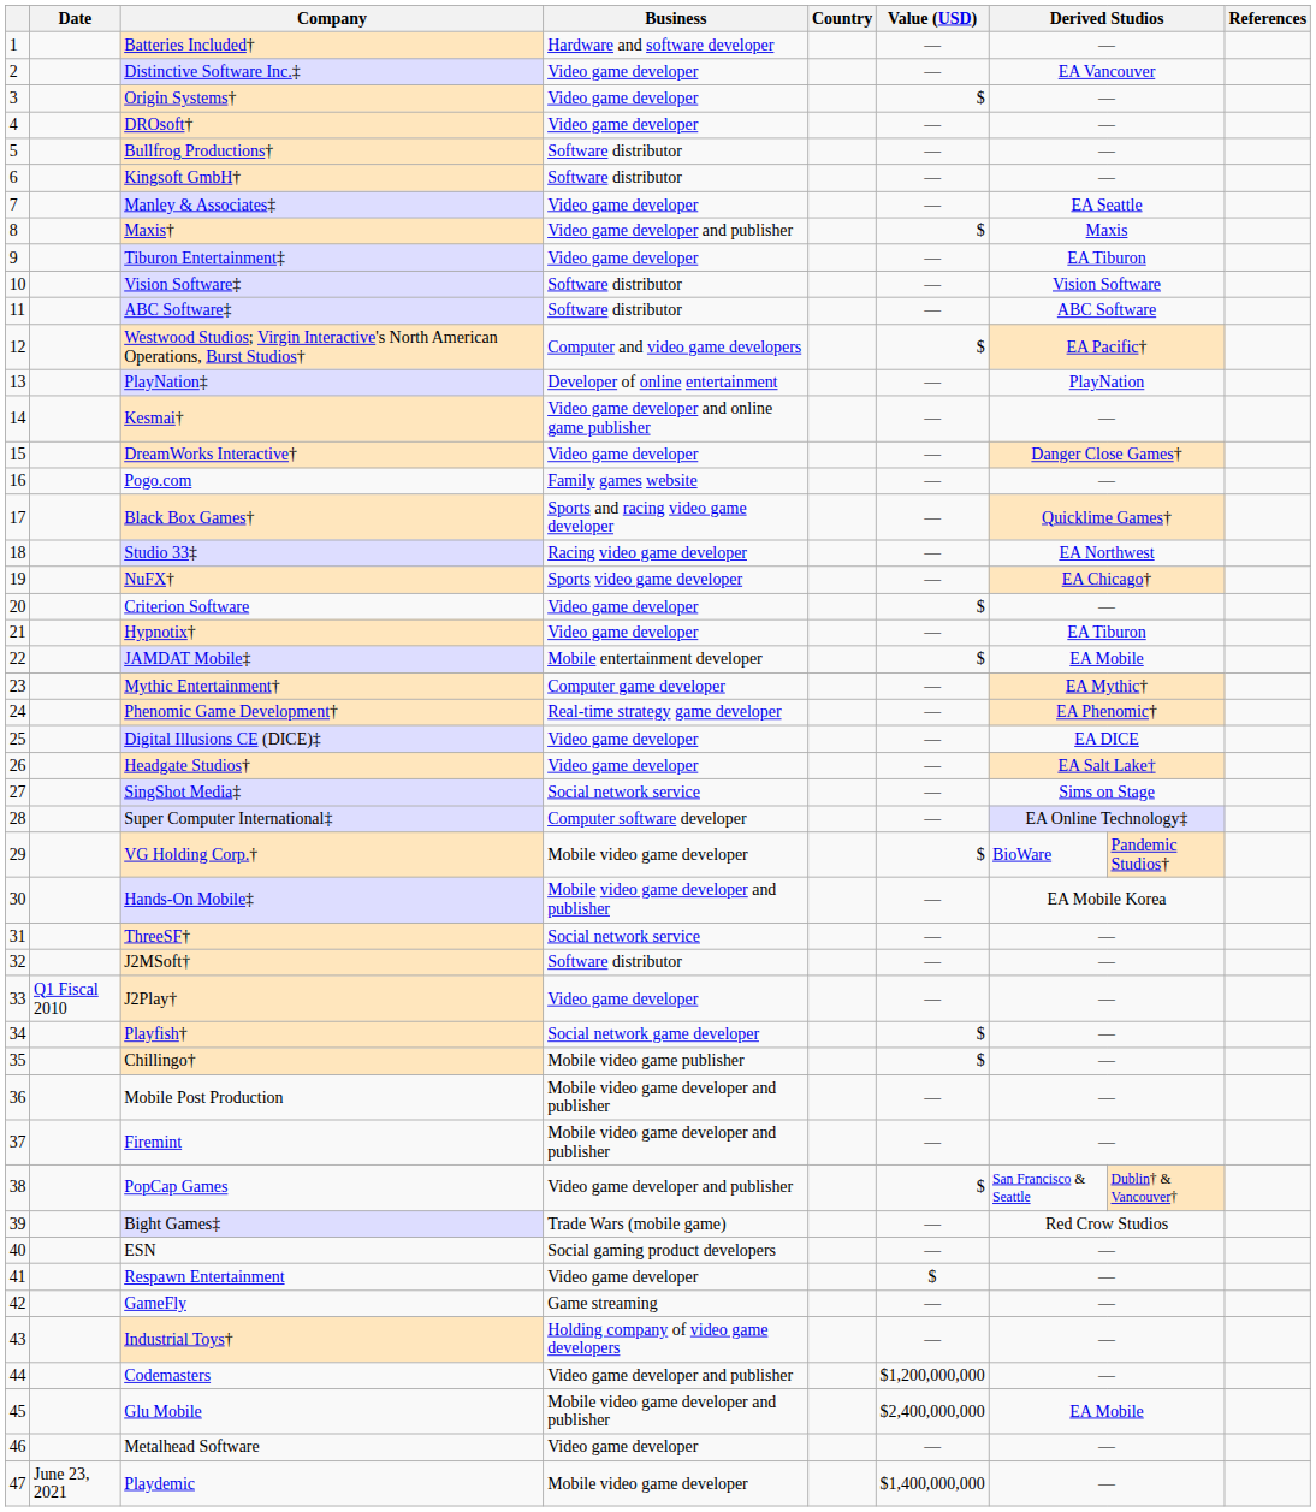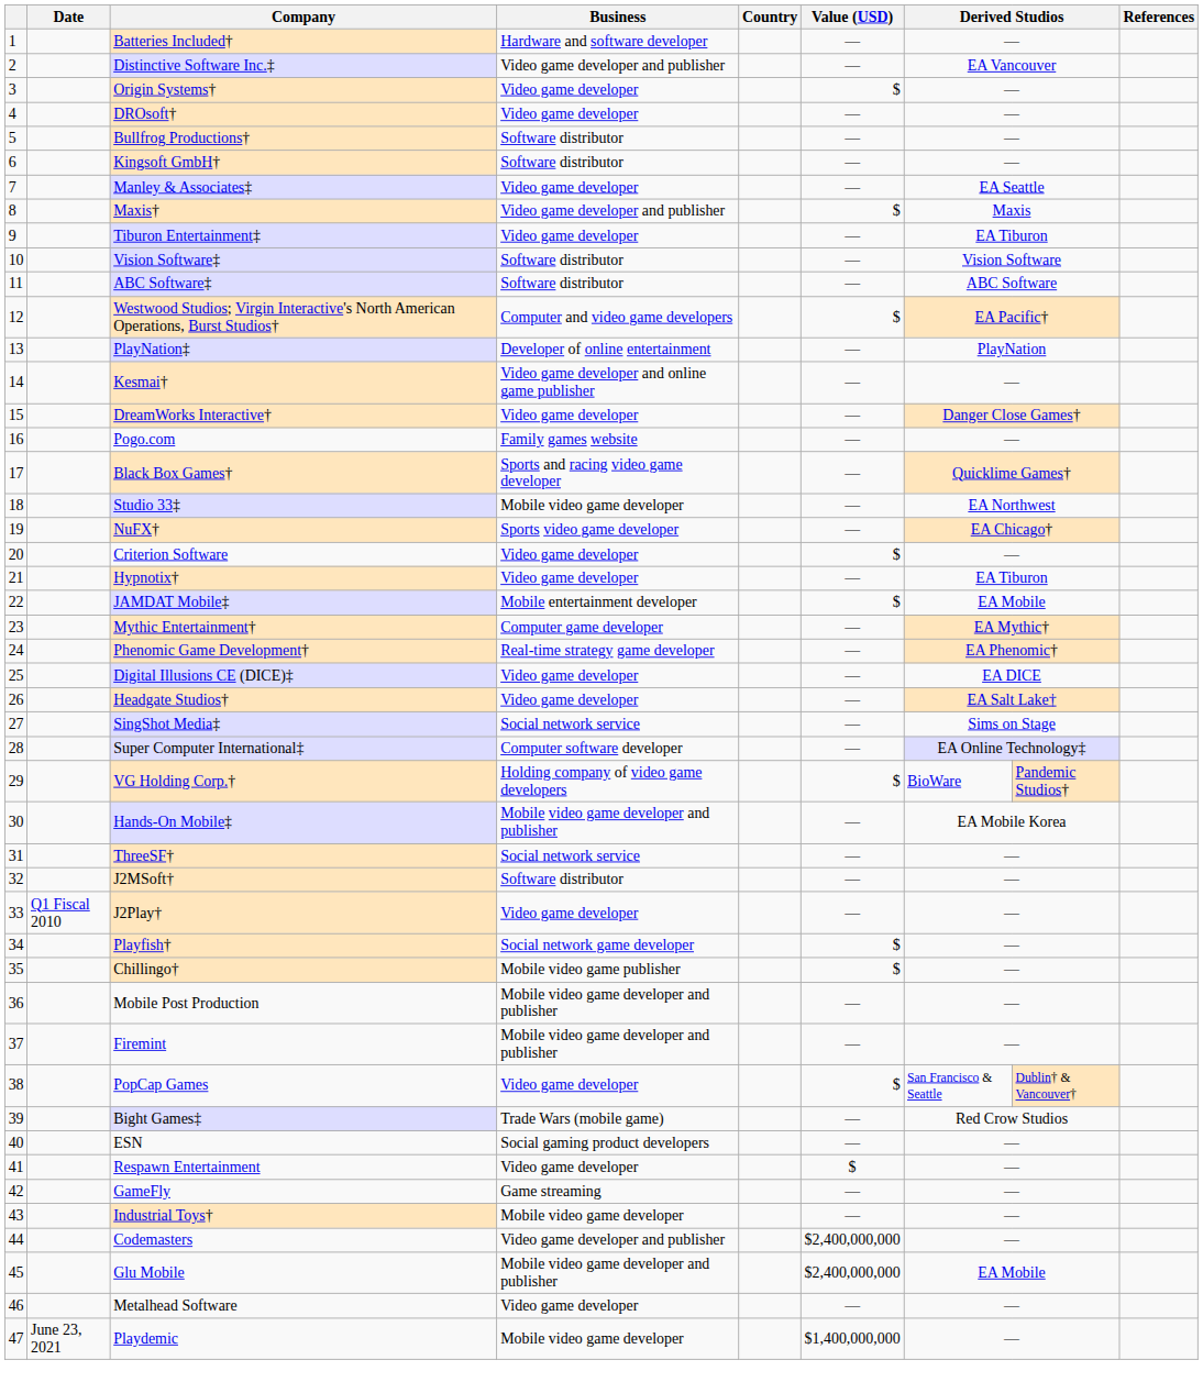 <table class="wikitable sortable sticky-header" id="EAquisition">
 <tr>
 <th></th>
 <th>Date</th>
 <th>Company</th>
 <th>Business</th>
 <th>Country</th>
 <th>Value (<a href='#'>USD</a>)</th>
 <th class="unsortable" colspan="2">Derived Studios</th>
 <th class="unsortable">References</th>
 </tr>
 <tr>
 <td>1</td>
 <td></td>
 <td style="background:#ffe6bd;"><a href='#'>Batteries Included</a>†</td>
 <td><a href='#'>Hardware</a> and <a href='#'>software developer</a></td>
 <td></td>
 <td style="text-align:center;">—</td>
 <td style="text-align:center;" colspan="2">—</td>
 <td style="text-align:center;"></td>
 </tr>
 <tr>
 <td>2</td>
 <td></td>
 <td style="background:#ddf;"><a href='#'>Distinctive Software Inc.</a>‡</td>
-<td><a href='#'>Video game developer</a></td>
+<td>Video game developer and publisher</td>
 <td></td>
 <td style="text-align:center;">—</td>
 <td style="text-align:center;" colspan="2"><a href='#'>EA Vancouver</a></td>
 <td style="text-align:center;"></td>
 </tr>
 <tr>
 <td>3</td>
 <td></td>
 <td style="background:#ffe6bd;"><a href='#'>Origin Systems</a>†</td>
 <td><a href='#'>Video game developer</a></td>
 <td></td>
 <td align="right">$</td>
 <td style="text-align:center;" colspan="2">—</td>
 <td style="text-align:center;"></td>
 </tr>
 <tr>
 <td>4</td>
 <td></td>
 <td style="background:#ffe6bd;"><a href='#'>DROsoft</a>†</td>
 <td><a href='#'>Video game developer</a></td>
 <td></td>
 <td style="text-align:center;">—</td>
 <td style="text-align:center;" colspan="2">—</td>
 <td style="text-align:center;"></td>
 </tr>
 <tr>
 <td>5</td>
 <td></td>
 <td style="background:#ffe6bd;"><a href='#'>Bullfrog Productions</a>†</td>
 <td><a href='#'>Software</a> distributor</td>
 <td></td>
 <td style="text-align:center;">—</td>
 <td style="text-align:center;" colspan="2">—</td>
 <td style="text-align:center;"></td>
 </tr>
 <tr>
 <td>6</td>
 <td></td>
 <td style="background:#ffe6bd;"><a href='#'>Kingsoft GmbH</a>†</td>
 <td><a href='#'>Software</a> distributor</td>
 <td></td>
 <td style="text-align:center;">—</td>
 <td style="text-align:center;" colspan="2">—</td>
 <td style="text-align:center;"></td>
 </tr>
 <tr>
 <td>7</td>
 <td></td>
 <td style="background:#ddf;"><a href='#'>Manley & Associates</a>‡</td>
 <td><a href='#'>Video game developer</a></td>
 <td></td>
 <td style="text-align:center;">—</td>
 <td style="text-align:center;" colspan="2"><a href='#'>EA Seattle</a></td>
 <td style="text-align:center;"></td>
 </tr>
 <tr>
 <td>8</td>
 <td></td>
 <td style="background:#ffe6bd;"><a href='#'>Maxis</a>†</td>
 <td><a href='#'>Video game developer</a> and publisher</td>
 <td></td>
 <td align="right">$</td>
 <td style="text-align:center;" colspan="2"><a href='#'>Maxis</a></td>
 <td style="text-align:center;"></td>
 </tr>
 <tr>
 <td>9</td>
 <td></td>
 <td style="background:#ddf;"><a href='#'>Tiburon Entertainment</a>‡</td>
 <td><a href='#'>Video game developer</a></td>
 <td></td>
 <td style="text-align:center;">—</td>
 <td style="text-align:center;" colspan="2"><a href='#'>EA Tiburon</a></td>
 <td style="text-align:center;"></td>
 </tr>
 <tr>
 <td>10</td>
 <td></td>
 <td style="background:#ddf;"><a href='#'>Vision Software</a>‡</td>
 <td><a href='#'>Software</a> distributor</td>
 <td></td>
 <td style="text-align:center;">—</td>
 <td style="text-align:center;" colspan="2"><a href='#'>Vision Software</a></td>
 <td style="text-align:center;"></td>
 </tr>
 <tr>
 <td>11</td>
 <td></td>
 <td style="background:#ddf;"><a href='#'>ABC Software</a>‡</td>
 <td><a href='#'>Software</a> distributor</td>
 <td></td>
 <td style="text-align:center;">—</td>
 <td style="text-align:center;" colspan="2"><a href='#'>ABC Software</a></td>
 <td style="text-align:center;"></td>
 </tr>
 <tr>
 <td>12</td>
 <td></td>
 <td style="background:#ffe6bd;"><a href='#'>Westwood Studios</a>; <a href='#'>Virgin Interactive</a>'s North American Operations, <a href='#'>Burst Studios</a>†</td>
 <td><a href='#'>Computer</a> and <a href='#'>video game developers</a></td>
 <td></td>
 <td align="right">$</td>
 <td style="background:#ffe6bd; text-align:center;" colspan="2"><a href='#'>EA Pacific</a>†</td>
 <td style="text-align:center;"></td>
 </tr>
 <tr>
 <td>13</td>
 <td></td>
 <td style="background:#ddf;"><a href='#'>PlayNation</a>‡</td>
 <td><a href='#'>Developer</a> of <a href='#'>online</a> <a href='#'>entertainment</a></td>
 <td></td>
 <td style="text-align:center;">—</td>
 <td style="text-align:center;" colspan="2"><a href='#'>PlayNation</a></td>
 <td style="text-align:center;"></td>
 </tr>
 <tr>
 <td>14</td>
 <td></td>
 <td style="background:#ffe6bd;"><a href='#'>Kesmai</a>†</td>
 <td><a href='#'>Video game developer</a> and online <a href='#'>game publisher</a></td>
 <td></td>
 <td style="text-align:center;">—</td>
 <td style="text-align:center;" colspan="2">—</td>
 <td style="text-align:center;"></td>
 </tr>
 <tr>
 <td>15</td>
 <td></td>
 <td style="background:#ffe6bd;"><a href='#'>DreamWorks Interactive</a>†</td>
 <td><a href='#'>Video game developer</a></td>
 <td></td>
 <td style="text-align:center;">—</td>
 <td style="background:#ffe6bd; text-align:center;" colspan="2"><a href='#'>Danger Close Games</a>†</td>
 <td style="text-align:center;"></td>
 </tr>
 <tr>
 <td>16</td>
 <td></td>
 <td><a href='#'>Pogo.com</a></td>
 <td><a href='#'>Family</a> <a href='#'>games</a> <a href='#'>website</a></td>
 <td></td>
 <td style="text-align:center;">—</td>
 <td style="text-align:center;" colspan="2">—</td>
 <td style="text-align:center;"></td>
 </tr>
 <tr>
 <td>17</td>
 <td></td>
 <td style="background:#ffe6bd;"><a href='#'>Black Box Games</a>†</td>
 <td><a href='#'>Sports</a> and <a href='#'>racing</a> <a href='#'>video game developer</a></td>
 <td></td>
 <td style="text-align:center;">—</td>
 <td style="background:#ffe6bd; text-align:center;" colspan="2"><a href='#'>Quicklime Games</a>†</td>
 <td style="text-align:center;"></td>
 </tr>
 <tr>
 <td>18</td>
 <td></td>
 <td style="background:#ddf;"><a href='#'>Studio 33</a>‡</td>
-<td><a href='#'>Racing</a> <a href='#'>video game developer</a></td>
+<td>Mobile video game developer</td>
 <td></td>
 <td style="text-align:center;">—</td>
 <td style="text-align:center;" colspan="2"><a href='#'>EA Northwest</a></td>
 <td style="text-align:center;"></td>
 </tr>
 <tr>
 <td>19</td>
 <td></td>
 <td style="background:#ffe6bd;"><a href='#'>NuFX</a>†</td>
 <td><a href='#'>Sports</a> <a href='#'>video game developer</a></td>
 <td></td>
 <td style="text-align:center;">—</td>
 <td style="background:#ffe6bd; text-align:center;" colspan="2"><a href='#'>EA Chicago</a>†</td>
 <td style="text-align:center;"></td>
 </tr>
 <tr>
 <td>20</td>
 <td></td>
 <td><a href='#'>Criterion Software</a></td>
 <td><a href='#'>Video game developer</a></td>
 <td></td>
 <td align="right">$</td>
 <td style="text-align:center;" colspan="2">—</td>
 <td style="text-align:center;"></td>
 </tr>
 <tr>
 <td>21</td>
 <td></td>
 <td style="background:#ffe6bd;"><a href='#'>Hypnotix</a>†</td>
 <td><a href='#'>Video game developer</a></td>
 <td></td>
 <td style="text-align:center;">—</td>
 <td style="text-align:center;" colspan="2"mbb><a href='#'>EA Tiburon</a></td>
 <td style="text-align:center;"></td>
 </tr>
 <tr>
 <td>22</td>
 <td></td>
 <td style="background:#ddf;"><a href='#'>JAMDAT Mobile</a>‡</td>
 <td><a href='#'>Mobile</a> entertainment developer</td>
 <td></td>
 <td align="right">$</td>
 <td style="text-align:center;" colspan="2"><a href='#'>EA Mobile</a></td>
 <td style="text-align:center;"></td>
 </tr>
 <tr>
 <td>23</td>
 <td></td>
 <td style="background:#ffe6bd"><a href='#'>Mythic Entertainment</a>†</td>
 <td><a href='#'>Computer game developer</a></td>
 <td></td>
 <td style="text-align:center;">—</td>
 <td style="background:#ffe6bd; text-align:center;" colspan="2"><a href='#'>EA Mythic</a>†</td>
 <td style="text-align:center;"></td>
 </tr>
 <tr>
 <td>24</td>
 <td></td>
 <td style="background:#ffe6bd"><a href='#'>Phenomic Game Development</a>†</td>
 <td><a href='#'>Real-time strategy</a> <a href='#'>game developer</a></td>
 <td></td>
 <td style="text-align:center;">—</td>
 <td style="background:#ffe6bd; text-align:center;" colspan="2"><a href='#'>EA Phenomic</a>†</td>
 <td style="text-align:center;"></td>
 </tr>
 <tr>
 <td>25</td>
 <td></td>
 <td style="background:#ddf;"><a href='#'>Digital Illusions CE</a> (DICE)‡</td>
 <td><a href='#'>Video game developer</a></td>
 <td></td>
 <td style="text-align:center;">—</td>
 <td style="text-align:center;" colspan="2"><a href='#'>EA DICE</a></td>
 <td style="text-align:center;"></td>
 </tr>
 <tr>
 <td>26</td>
 <td></td>
 <td style="background:#ffe6bd"><a href='#'>Headgate Studios</a>†</td>
 <td><a href='#'>Video game developer</a></td>
 <td></td>
 <td style="text-align:center;">—</td>
 <td style="background:#ffe6bd; text-align:center;" colspan="2"><a href='#'>EA Salt Lake†</a></td>
 <td style="text-align:center;"></td>
 </tr>
 <tr>
 <td>27</td>
 <td></td>
 <td style="background:#ddf;"><a href='#'>SingShot Media</a>‡</td>
 <td><a href='#'>Social network service</a></td>
 <td></td>
 <td style="text-align:center;">—</td>
 <td style="text-align:center;" colspan="2"><a href='#'>Sims on Stage</a></td>
 <td style="text-align:center;"></td>
 </tr>
 <tr>
 <td>28</td>
 <td></td>
 <td style="background:#ddf;">Super Computer International‡</td>
 <td><a href='#'>Computer software</a> developer</td>
 <td></td>
 <td style="text-align:center;">—</td>
 <td style="text-align:center;background:#ddf;" colspan="2">EA Online Technology‡</td>
 <td style="text-align:center;"></td>
 </tr>
 <tr>
 <td>29</td>
 <td></td>
 <td style="background:#ffe6bd"><a href='#'>VG Holding Corp.</a>†</td>
-<td>Mobile video game developer</td>
+<td><a href='#'>Holding company</a> of <a href='#'>video game developers</a></td>
 <td></td>
 <td align="right">$</td>
 <td colspan="1"><a href='#'>BioWare</a></td>
 <td style="background:#ffe6bd;"><a href='#'>Pandemic Studios</a>†</td>
 <td style="text-align:center;"></td>
 </tr>
 <tr>
 <td>30</td>
 <td></td>
 <td style="background:#ddf;"><a href='#'>Hands-On Mobile</a>‡</td>
 <td><a href='#'>Mobile</a> <a href='#'>video game developer</a> and <a href='#'>publisher</a></td>
 <td></td>
 <td style="text-align:center;">—</td>
 <td style="text-align:center;" colspan="2">EA Mobile Korea</td>
 <td style="text-align:center;"></td>
 </tr>
 <tr>
 <td>31</td>
 <td></td>
 <td style="background:#ffe6bd"><a href='#'>ThreeSF</a>†</td>
 <td><a href='#'>Social network service</a></td>
 <td></td>
 <td style="text-align:center;">—</td>
 <td style="text-align:center;" colspan="2">—</td>
 <td style="text-align:center;"></td>
 </tr>
 <tr>
 <td>32</td>
 <td></td>
 <td style="background:#ffe6bd">J2MSoft†</td>
 <td><a href='#'>Software</a> distributor</td>
 <td></td>
 <td style="text-align:center;">—</td>
 <td style="text-align:center;" colspan="2">—</td>
 <td style="text-align:center;"></td>
 </tr>
 <tr>
 <td>33</td>
 <td><a href='#'>Q1 Fiscal</a> 2010</td>
 <td style="background:#ffe6bd">J2Play†</td>
 <td><a href='#'>Video game developer</a></td>
 <td></td>
 <td style="text-align:center;">—</td>
 <td style="text-align:center;" colspan="2">—</td>
 <td style="text-align:center;"></td>
 </tr>
 <tr>
 <td>34</td>
 <td></td>
 <td style="background:#ffe6bd;"><a href='#'>Playfish</a>†</td>
 <td><a href='#'>Social network game developer</a></td>
 <td></td>
 <td align="right">$</td>
 <td style="text-align:center;" colspan="2">—</td>
 <td style="text-align:center;"></td>
 </tr>
 <tr>
 <td>35</td>
 <td></td>
 <td style="background:#ffe6bd;">Chillingo†</td>
 <td>Mobile video game publisher</td>
 <td></td>
 <td align="right">$</td>
 <td style="text-align:center;" colspan="2">—</td>
 <td style="text-align:center;"></td>
 </tr>
 <tr>
 <td>36</td>
 <td></td>
 <td>Mobile Post Production</td>
 <td>Mobile video game developer and publisher</td>
 <td></td>
 <td style="text-align:center;">—</td>
 <td style="text-align:center;" colspan="2">—</td>
 <td style="text-align:center;"></td>
 </tr>
 <tr>
 <td>37</td>
 <td></td>
 <td><a href='#'>Firemint</a></td>
 <td>Mobile video game developer and publisher</td>
 <td></td>
 <td style="text-align:center;">—</td>
 <td style="text-align:center;" colspan="2">—</td>
 <td style="text-align:center;"></td>
 </tr>
 <tr>
 <td>38</td>
 <td></td>
 <td><a href='#'>PopCap Games</a></td>
-<td>Video game developer and publisher</td>
+<td><a href='#'>Video game developer</a></td>
 <td></td>
 <td align="right">$</td>
 <td colspan="1"><small><a href='#'>San Francisco</a> & <a href='#'>Seattle</a></small></td>
 <td style="background:#ffe6bd;"><small><a href='#'>Dublin</a>† & <a href='#'>Vancouver</a>†</small></td>
 <td style="text-align:center;"></td>
 </tr>
 <tr>
 <td>39</td>
 <td></td>
 <td style="background:#ddf;">Bight Games‡</td>
 <td>Trade Wars (mobile game)</td>
 <td></td>
 <td style="text-align:center;">—</td>
 <td style="text-align:center;" colspan="2">Red Crow Studios</td>
 <td style="text-align:center;"></td>
 </tr>
 <tr>
 <td>40</td>
 <td></td>
 <td>ESN</td>
 <td>Social gaming product developers</td>
 <td></td>
 <td style="text-align:center;">—</td>
 <td style="text-align:center;" colspan="2">—</td>
 <td style="text-align:center;"></td>
 </tr>
 <tr>
 <td>41</td>
 <td></td>
 <td><a href='#'>Respawn Entertainment</a></td>
 <td>Video game developer</td>
 <td></td>
 <td style="text-align:center;">$</td>
 <td style="text-align:center;" colspan="2">—</td>
 <td style="text-align:center;"></td>
 </tr>
 <tr>
 <td>42</td>
 <td></td>
 <td><a href='#'>GameFly</a></td>
 <td>Game streaming</td>
 <td></td>
 <td style="text-align:center;">—</td>
 <td style="text-align:center;" colspan="2">—</td>
 <td style="text-align:center;"></td>
 </tr>
 <tr>
 <td>43</td>
 <td></td>
 <td style="background:#ffe6bd;"><a href='#'>Industrial Toys</a>†</td>
-<td><a href='#'>Holding company</a> of <a href='#'>video game developers</a></td>
+<td>Mobile video game developer</td>
 <td></td>
 <td style="text-align:center;">—</td>
 <td style="text-align:center;" colspan="2">—</td>
 <td style="text-align:center;"></td>
 </tr>
 <tr>
 <td>44</td>
 <td></td>
 <td><a href='#'>Codemasters</a></td>
 <td>Video game developer and publisher</td>
 <td></td>
-<td style="text-align:right;">$1,200,000,000</td>
+<td style="text-align:right;">$2,400,000,000</td>
 <td style="text-align:center;" colspan="2">—</td>
 <td style="text-align:center;"></td>
 </tr>
 <tr>
 <td>45</td>
 <td></td>
 <td><a href='#'>Glu Mobile</a></td>
 <td>Mobile video game developer and publisher</td>
 <td></td>
 <td style="text-align:right;">$2,400,000,000</td>
 <td style="text-align:center;" colspan="2"><a href='#'>EA Mobile</a></td>
 <td style="text-align:center;"></td>
 </tr>
 <tr>
 <td>46</td>
 <td></td>
 <td>Metalhead Software</td>
 <td>Video game developer</td>
 <td></td>
 <td style="text-align:center;">—</td>
 <td style="text-align:center;" colspan="2">—</td>
 <td style="text-align:center;"></td>
 </tr>
 <tr>
 <td>47</td>
 <td>June 23, 2021</td>
 <td><a href='#'>Playdemic</a></td>
 <td>Mobile video game developer</td>
 <td></td>
 <td style="text-align:right;">$1,400,000,000</td>
 <td style="text-align:center;" colspan="2">—</td>
 <td style="text-align:center;"></td>
 </tr>
 </table>
